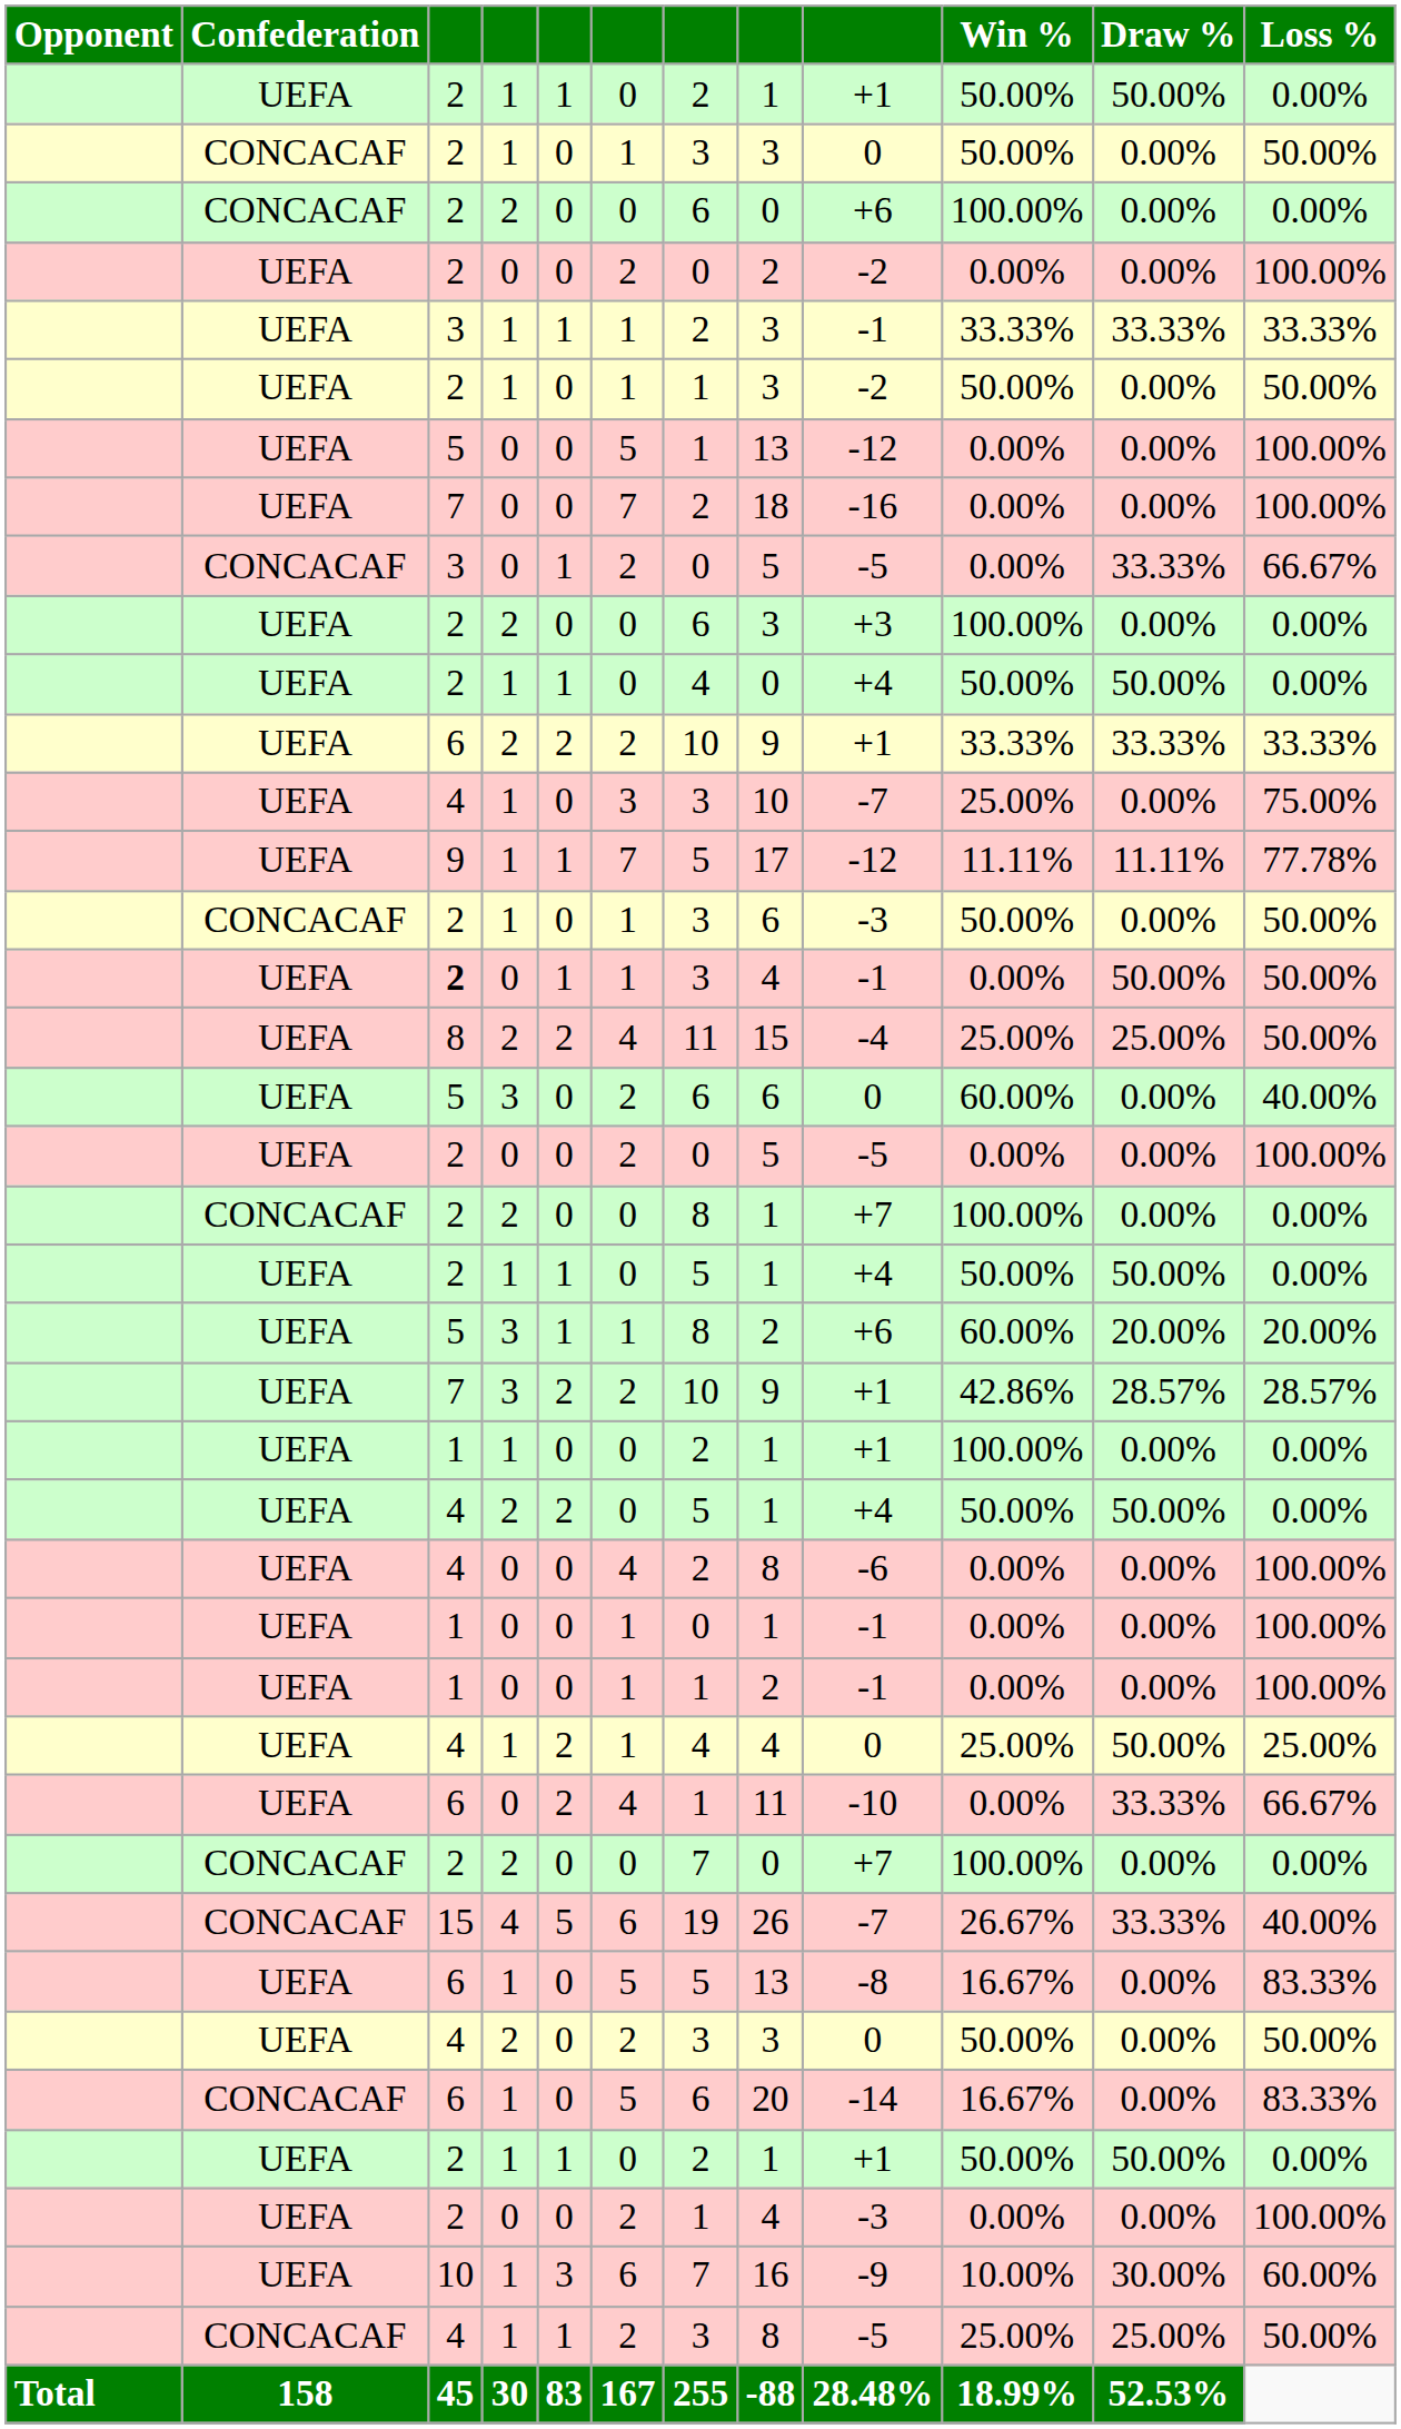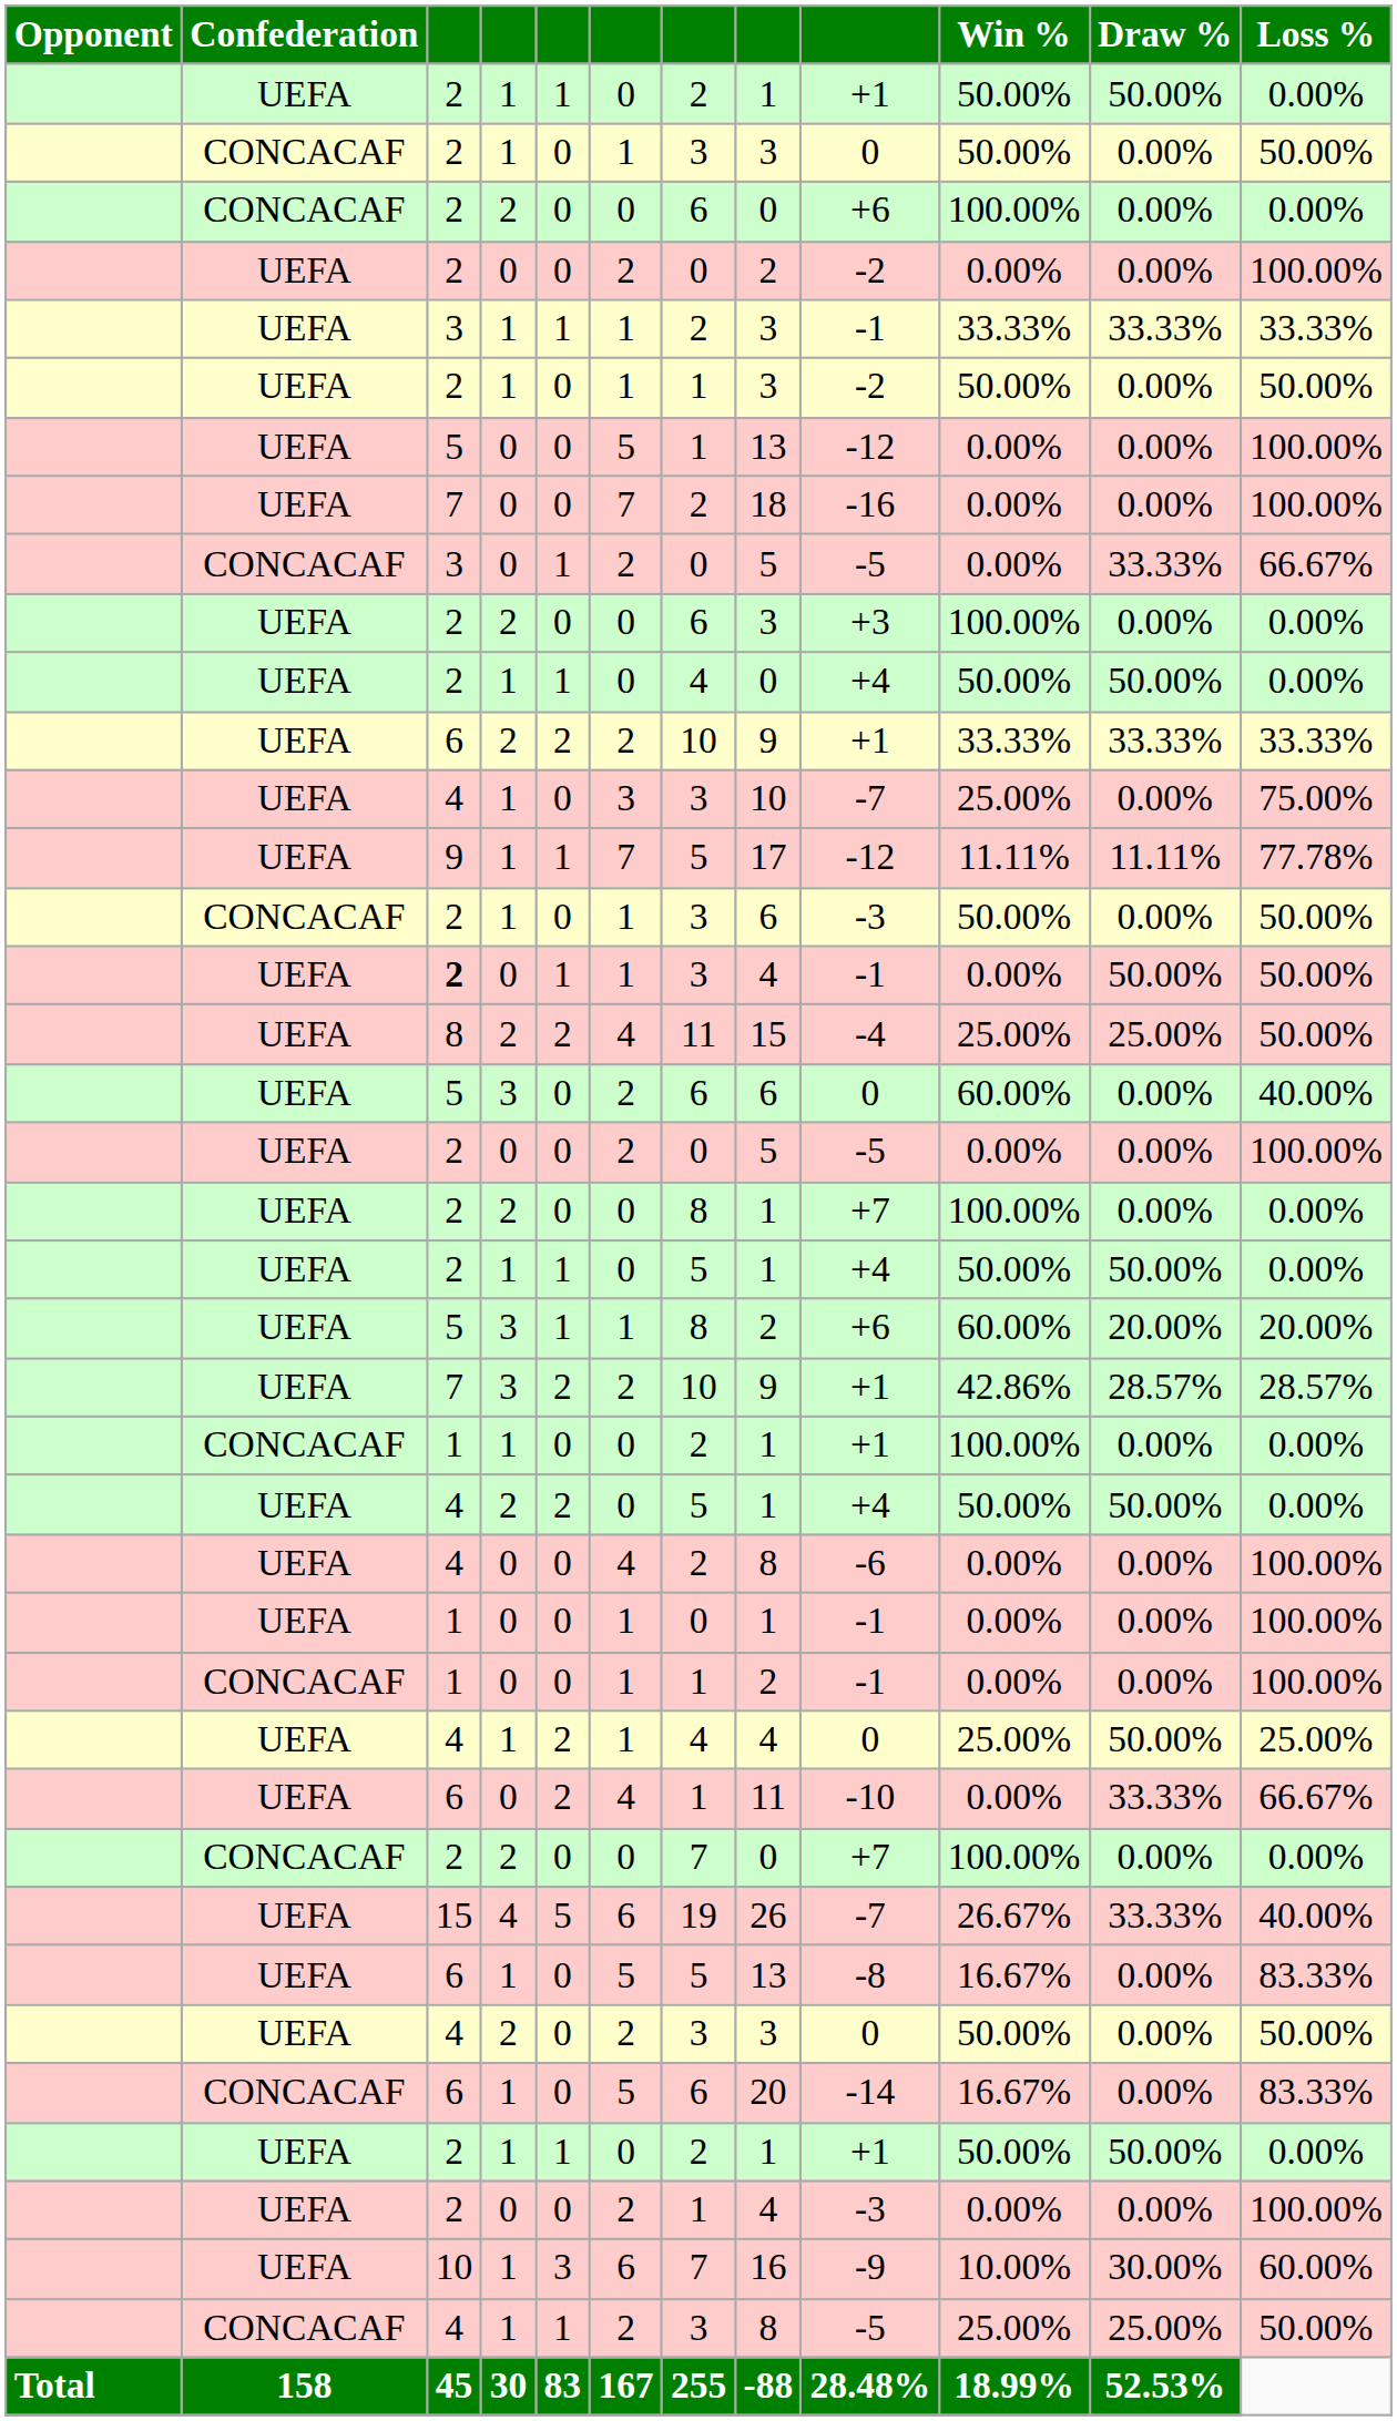 <table class="wikitable sortable" style="text-align:center">
 <tr>
 <th style="background-color:#008000; color:white; ">Opponent</th>
 <th style="background-color:#008000; color:white; ">Confederation</th>
 <th style="background-color:#008000; color:white; "></th>
 <th style="background-color:#008000; color:white; "></th>
 <th style="background-color:#008000; color:white; "></th>
 <th style="background-color:#008000; color:white; "></th>
 <th style="background-color:#008000; color:white; "></th>
 <th style="background-color:#008000; color:white; "></th>
 <th style="background-color:#008000; color:white; "></th>
 <th style="background-color:#008000; color:white; ">Win %</th>
 <th style="background-color:#008000; color:white; ">Draw %</th>
 <th style="background-color:#008000; color:white; ">Loss %</th>
 </tr>
 <tr bgcolor=#CFC>
 <td style="text-align:left;"></td>
 <td>UEFA</td>
 <td>2</td>
 <td>1</td>
 <td>1</td>
 <td>0</td>
 <td>2</td>
 <td>1</td>
 <td>+1</td>
 <td>50.00%</td>
 <td>50.00%</td>
 <td>0.00%</td>
 </tr>
 <tr bgcolor=#FFC>
 <td style="text-align:left;"></td>
 <td>CONCACAF</td>
 <td>2</td>
 <td>1</td>
 <td>0</td>
 <td>1</td>
 <td>3</td>
 <td>3</td>
 <td>0</td>
 <td>50.00%</td>
 <td>0.00%</td>
 <td>50.00%</td>
 </tr>
 <tr bgcolor=#CFC>
 <td style="text-align:left;"></td>
 <td>CONCACAF</td>
 <td>2</td>
 <td>2</td>
 <td>0</td>
 <td>0</td>
 <td>6</td>
 <td>0</td>
 <td>+6</td>
 <td>100.00%</td>
 <td>0.00%</td>
 <td>0.00%</td>
 </tr>
 <tr bgcolor=#FCC>
 <td style="text-align:left;"></td>
 <td>UEFA</td>
 <td>2</td>
 <td>0</td>
 <td>0</td>
 <td>2</td>
 <td>0</td>
 <td>2</td>
 <td>-2</td>
 <td>0.00%</td>
 <td>0.00%</td>
 <td>100.00%</td>
 </tr>
 <tr bgcolor=#FFC>
 <td style="text-align:left;"></td>
 <td>UEFA</td>
 <td>3</td>
 <td>1</td>
 <td>1</td>
 <td>1</td>
 <td>2</td>
 <td>3</td>
 <td>-1</td>
 <td>33.33%</td>
 <td>33.33%</td>
 <td>33.33%</td>
 </tr>
 <tr bgcolor=#FFC>
 <td style="text-align:left;"></td>
 <td>UEFA</td>
 <td>2</td>
 <td>1</td>
 <td>0</td>
 <td>1</td>
 <td>1</td>
 <td>3</td>
 <td>-2</td>
 <td>50.00%</td>
 <td>0.00%</td>
 <td>50.00%</td>
 </tr>
 <tr bgcolor=#FCC>
 <td style="text-align:left;"></td>
 <td>UEFA</td>
 <td>5</td>
 <td>0</td>
 <td>0</td>
 <td>5</td>
 <td>1</td>
 <td>13</td>
 <td>-12</td>
 <td>0.00%</td>
 <td>0.00%</td>
 <td>100.00%</td>
 </tr>
 <tr bgcolor=#FCC>
 <td style="text-align:left;"></td>
 <td>UEFA</td>
 <td>7</td>
 <td>0</td>
 <td>0</td>
 <td>7</td>
 <td>2</td>
 <td>18</td>
 <td>-16</td>
 <td>0.00%</td>
 <td>0.00%</td>
 <td>100.00%</td>
 </tr>
 <tr bgcolor=#FCC>
 <td style="text-align:left;"></td>
 <td>CONCACAF</td>
 <td>3</td>
 <td>0</td>
 <td>1</td>
 <td>2</td>
 <td>0</td>
 <td>5</td>
 <td>-5</td>
 <td>0.00%</td>
 <td>33.33%</td>
 <td>66.67%</td>
 </tr>
 <tr bgcolor=#CFC>
 <td style="text-align:left;"></td>
 <td>UEFA</td>
 <td>2</td>
 <td>2</td>
 <td>0</td>
 <td>0</td>
 <td>6</td>
 <td>3</td>
 <td>+3</td>
 <td>100.00%</td>
 <td>0.00%</td>
 <td>0.00%</td>
 </tr>
 <tr bgcolor=#CFC>
 <td style="text-align:left;"></td>
 <td>UEFA</td>
 <td>2</td>
 <td>1</td>
 <td>1</td>
 <td>0</td>
 <td>4</td>
 <td>0</td>
 <td>+4</td>
 <td>50.00%</td>
 <td>50.00%</td>
 <td>0.00%</td>
 </tr>
 <tr bgcolor=#FFC>
 <td style="text-align:left;"></td>
 <td>UEFA</td>
 <td>6</td>
 <td>2</td>
 <td>2</td>
 <td>2</td>
 <td>10</td>
 <td>9</td>
 <td>+1</td>
 <td>33.33%</td>
 <td>33.33%</td>
 <td>33.33%</td>
 </tr>
 <tr bgcolor=#FCC>
 <td style="text-align:left;"></td>
 <td>UEFA</td>
 <td>4</td>
 <td>1</td>
 <td>0</td>
 <td>3</td>
 <td>3</td>
 <td>10</td>
 <td>-7</td>
 <td>25.00%</td>
 <td>0.00%</td>
 <td>75.00%</td>
 </tr>
 <tr bgcolor=#FCC>
 <td style="text-align:left;"></td>
 <td>UEFA</td>
 <td>9</td>
 <td>1</td>
 <td>1</td>
 <td>7</td>
 <td>5</td>
 <td>17</td>
 <td>-12</td>
 <td>11.11%</td>
 <td>11.11%</td>
 <td>77.78%</td>
 </tr>
 <tr bgcolor=#FFC>
 <td style="text-align:left;"></td>
 <td>CONCACAF</td>
 <td>2</td>
 <td>1</td>
 <td>0</td>
 <td>1</td>
 <td>3</td>
 <td>6</td>
 <td>-3</td>
 <td>50.00%</td>
 <td>0.00%</td>
 <td>50.00%</td>
 </tr>
 <tr bgcolor=#FCC>
 <td style="text-align:left;"></td>
 <td>UEFA</td>
 <td><strong>2</strong></td>
 <td>0</td>
 <td>1</td>
 <td>1</td>
 <td>3</td>
 <td>4</td>
 <td>-1</td>
 <td>0.00%</td>
 <td>50.00%</td>
 <td>50.00%</td>
 </tr>
 <tr bgcolor=#FCC>
 <td style="text-align:left;"></td>
 <td>UEFA</td>
 <td>8</td>
 <td>2</td>
 <td>2</td>
 <td>4</td>
 <td>11</td>
 <td>15</td>
 <td>-4</td>
 <td>25.00%</td>
 <td>25.00%</td>
 <td>50.00%</td>
 </tr>
 <tr bgcolor=#CFC>
 <td style="text-align:left;"></td>
 <td>UEFA</td>
 <td>5</td>
 <td>3</td>
 <td>0</td>
 <td>2</td>
 <td>6</td>
 <td>6</td>
 <td>0</td>
 <td>60.00%</td>
 <td>0.00%</td>
 <td>40.00%</td>
 </tr>
 <tr bgcolor=#FCC>
 <td style="text-align:left;"></td>
 <td>UEFA</td>
 <td>2</td>
 <td>0</td>
 <td>0</td>
 <td>2</td>
 <td>0</td>
 <td>5</td>
 <td>-5</td>
 <td>0.00%</td>
 <td>0.00%</td>
 <td>100.00%</td>
 </tr>
 <tr bgcolor=#CFC>
 <td style="text-align:left;"></td>
-<td>CONCACAF</td>
+<td>UEFA</td>
 <td>2</td>
 <td>2</td>
 <td>0</td>
 <td>0</td>
 <td>8</td>
 <td>1</td>
 <td>+7</td>
 <td>100.00%</td>
 <td>0.00%</td>
 <td>0.00%</td>
 </tr>
 <tr bgcolor=#CFC>
 <td style="text-align:left;"></td>
 <td>UEFA</td>
 <td>2</td>
 <td>1</td>
 <td>1</td>
 <td>0</td>
 <td>5</td>
 <td>1</td>
 <td>+4</td>
 <td>50.00%</td>
 <td>50.00%</td>
 <td>0.00%</td>
 </tr>
 <tr bgcolor=#CFC>
 <td style="text-align:left;"></td>
 <td>UEFA</td>
 <td>5</td>
 <td>3</td>
 <td>1</td>
 <td>1</td>
 <td>8</td>
 <td>2</td>
 <td>+6</td>
 <td>60.00%</td>
 <td>20.00%</td>
 <td>20.00%</td>
 </tr>
 <tr bgcolor=#CFC>
 <td style="text-align:left;"></td>
 <td>UEFA</td>
 <td>7</td>
 <td>3</td>
 <td>2</td>
 <td>2</td>
 <td>10</td>
 <td>9</td>
 <td>+1</td>
 <td>42.86%</td>
 <td>28.57%</td>
 <td>28.57%</td>
 </tr>
 <tr bgcolor=#CFC>
 <td style="text-align:left;"></td>
-<td>UEFA</td>
+<td>CONCACAF</td>
 <td>1</td>
 <td>1</td>
 <td>0</td>
 <td>0</td>
 <td>2</td>
 <td>1</td>
 <td>+1</td>
 <td>100.00%</td>
 <td>0.00%</td>
 <td>0.00%</td>
 </tr>
 <tr bgcolor=#CFC>
 <td style="text-align:left;"></td>
 <td>UEFA</td>
 <td>4</td>
 <td>2</td>
 <td>2</td>
 <td>0</td>
 <td>5</td>
 <td>1</td>
 <td>+4</td>
 <td>50.00%</td>
 <td>50.00%</td>
 <td>0.00%</td>
 </tr>
 <tr bgcolor=#FCC>
 <td style="text-align:left;"></td>
 <td>UEFA</td>
 <td>4</td>
 <td>0</td>
 <td>0</td>
 <td>4</td>
 <td>2</td>
 <td>8</td>
 <td>-6</td>
 <td>0.00%</td>
 <td>0.00%</td>
 <td>100.00%</td>
 </tr>
 <tr bgcolor=#FCC>
 <td style="text-align:left;"></td>
 <td>UEFA</td>
 <td>1</td>
 <td>0</td>
 <td>0</td>
 <td>1</td>
 <td>0</td>
 <td>1</td>
 <td>-1</td>
 <td>0.00%</td>
 <td>0.00%</td>
 <td>100.00%</td>
 </tr>
 <tr bgcolor=#FCC>
 <td style="text-align:left;"></td>
-<td>UEFA</td>
+<td>CONCACAF</td>
 <td>1</td>
 <td>0</td>
 <td>0</td>
 <td>1</td>
 <td>1</td>
 <td>2</td>
 <td>-1</td>
 <td>0.00%</td>
 <td>0.00%</td>
 <td>100.00%</td>
 </tr>
 <tr bgcolor=#FFC>
 <td style="text-align:left;"></td>
 <td>UEFA</td>
 <td>4</td>
 <td>1</td>
 <td>2</td>
 <td>1</td>
 <td>4</td>
 <td>4</td>
 <td>0</td>
 <td>25.00%</td>
 <td>50.00%</td>
 <td>25.00%</td>
 </tr>
 <tr bgcolor=#FCC>
 <td style="text-align:left;"></td>
 <td>UEFA</td>
 <td>6</td>
 <td>0</td>
 <td>2</td>
 <td>4</td>
 <td>1</td>
 <td>11</td>
 <td>-10</td>
 <td>0.00%</td>
 <td>33.33%</td>
 <td>66.67%</td>
 </tr>
 <tr bgcolor=#CFC>
 <td style="text-align:left;"></td>
 <td>CONCACAF</td>
 <td>2</td>
 <td>2</td>
 <td>0</td>
 <td>0</td>
 <td>7</td>
 <td>0</td>
 <td>+7</td>
 <td>100.00%</td>
 <td>0.00%</td>
 <td>0.00%</td>
 </tr>
 <tr bgcolor=#FCC>
 <td style="text-align:left;"></td>
-<td>CONCACAF</td>
+<td>UEFA</td>
 <td>15</td>
 <td>4</td>
 <td>5</td>
 <td>6</td>
 <td>19</td>
 <td>26</td>
 <td>-7</td>
 <td>26.67%</td>
 <td>33.33%</td>
 <td>40.00%</td>
 </tr>
 <tr bgcolor=#FCC>
 <td style="text-align:left;"></td>
 <td>UEFA</td>
 <td>6</td>
 <td>1</td>
 <td>0</td>
 <td>5</td>
 <td>5</td>
 <td>13</td>
 <td>-8</td>
 <td>16.67%</td>
 <td>0.00%</td>
 <td>83.33%</td>
 </tr>
 <tr bgcolor=#FFC>
 <td style="text-align:left;"></td>
 <td>UEFA</td>
 <td>4</td>
 <td>2</td>
 <td>0</td>
 <td>2</td>
 <td>3</td>
 <td>3</td>
 <td>0</td>
 <td>50.00%</td>
 <td>0.00%</td>
 <td>50.00%</td>
 </tr>
 <tr bgcolor=#FCC>
 <td style="text-align:left;"></td>
 <td>CONCACAF</td>
 <td>6</td>
 <td>1</td>
 <td>0</td>
 <td>5</td>
 <td>6</td>
 <td>20</td>
 <td>-14</td>
 <td>16.67%</td>
 <td>0.00%</td>
 <td>83.33%</td>
 </tr>
 <tr bgcolor=#CFC>
 <td style="text-align:left;"></td>
 <td>UEFA</td>
 <td>2</td>
 <td>1</td>
 <td>1</td>
 <td>0</td>
 <td>2</td>
 <td>1</td>
 <td>+1</td>
 <td>50.00%</td>
 <td>50.00%</td>
 <td>0.00%</td>
 </tr>
 <tr bgcolor=#FCC>
 <td style="text-align:left;"></td>
 <td>UEFA</td>
 <td>2</td>
 <td>0</td>
 <td>0</td>
 <td>2</td>
 <td>1</td>
 <td>4</td>
 <td>-3</td>
 <td>0.00%</td>
 <td>0.00%</td>
 <td>100.00%</td>
 </tr>
 <tr bgcolor=#FCC>
 <td style="text-align:left;"></td>
 <td>UEFA</td>
 <td>10</td>
 <td>1</td>
 <td>3</td>
 <td>6</td>
 <td>7</td>
 <td>16</td>
 <td>-9</td>
 <td>10.00%</td>
 <td>30.00%</td>
 <td>60.00%</td>
 </tr>
 <tr bgcolor=#FCC>
 <td style="text-align:left;"></td>
 <td>CONCACAF</td>
 <td>4</td>
 <td>1</td>
 <td>1</td>
 <td>2</td>
 <td>3</td>
 <td>8</td>
 <td>-5</td>
 <td>25.00%</td>
 <td>25.00%</td>
 <td>50.00%</td>
 </tr>
 <tr class="sortbottom">
 <th style="background-color:#008000; text-align:left; color:white; "><strong>Total</strong></th>
 <th style="background-color:#008000; color:white; "><strong>158</strong></th>
 <th style="background-color:#008000; color:white; "><strong>45</strong></th>
 <th style="background-color:#008000; color:white; "><strong>30</strong></th>
 <th style="background-color:#008000; color:white; "><strong>83</strong></th>
 <th style="background-color:#008000; color:white; "><strong>167</strong></th>
 <th style="background-color:#008000; color:white; "><strong>255</strong></th>
 <th style="background-color:#008000; color:white; "><strong>-88</strong></th>
 <th style="background-color:#008000; color:white; "><strong>28.48%</strong></th>
 <th style="background-color:#008000; color:white; "><strong>18.99%</strong></th>
 <th style="background-color:#008000; color:white; "><strong>52.53%</strong></th>
 </tr>
 <tr>
 </tr>
 </table>
